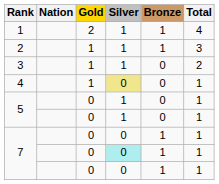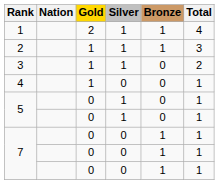 <table class="wikitable sortable" style="text-align:center">
 <tr>
 <th>Rank</th>
 <th>Nation</th>
 <th style="background-color:gold">Gold</th>
 <th style="background-color:silver">Silver</th>
 <th style="background-color:#cc9966">Bronze</th>
 <th>Total</th>
 </tr>
 <tr>
 <td>1</td>
 <td align=left></td>
 <td>2</td>
 <td>1</td>
 <td>1</td>
 <td>4</td>
 </tr>
 <tr>
 <td>2</td>
 <td align=left></td>
 <td>1</td>
 <td>1</td>
 <td>1</td>
 <td>3</td>
 </tr>
 <tr>
 <td>3</td>
 <td align=left></td>
 <td>1</td>
 <td>1</td>
 <td>0</td>
 <td>2</td>
 </tr>
 <tr>
 <td>4</td>
 <td align=left></td>
 <td>1</td>
-<td style="background: khaki;">0</td>
+<td>0</td>
 <td>0</td>
 <td>1</td>
 </tr>
 <tr>
 <td rowspan="2">5</td>
 <td align="left"></td>
 <td>0</td>
 <td>1</td>
 <td>0</td>
 <td>1</td>
 </tr>
 <tr>
 <td align="left"></td>
 <td>0</td>
 <td>1</td>
 <td>0</td>
 <td>1</td>
 </tr>
 <tr>
 <td rowspan="3">7</td>
 <td align="left"></td>
 <td>0</td>
 <td>0</td>
 <td>1</td>
 <td>1</td>
 </tr>
 <tr>
 <td align="left"></td>
 <td>0</td>
-<td style="background: paleturquoise;">0</td>
+<td>0</td>
 <td>1</td>
 <td>1</td>
 </tr>
 <tr>
 <td align="left"></td>
 <td>0</td>
 <td>0</td>
 <td>1</td>
 <td>1</td>
 </tr>
 </table>
